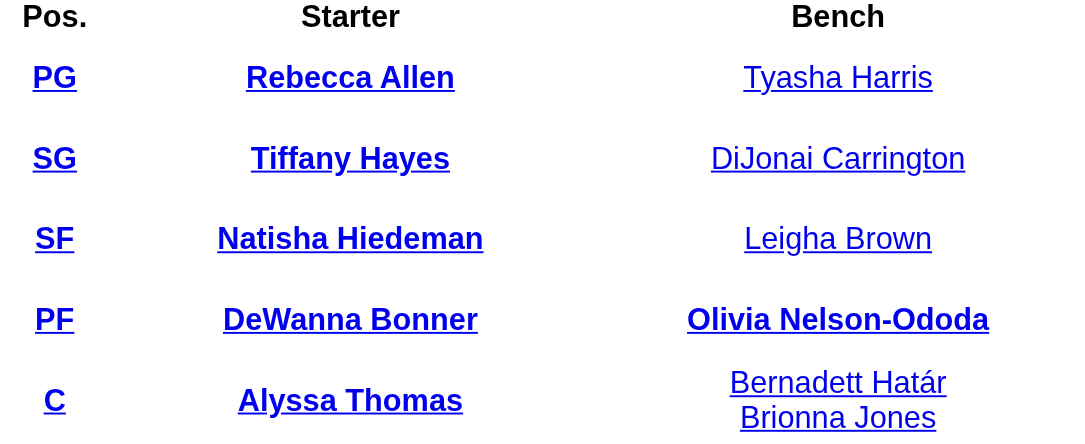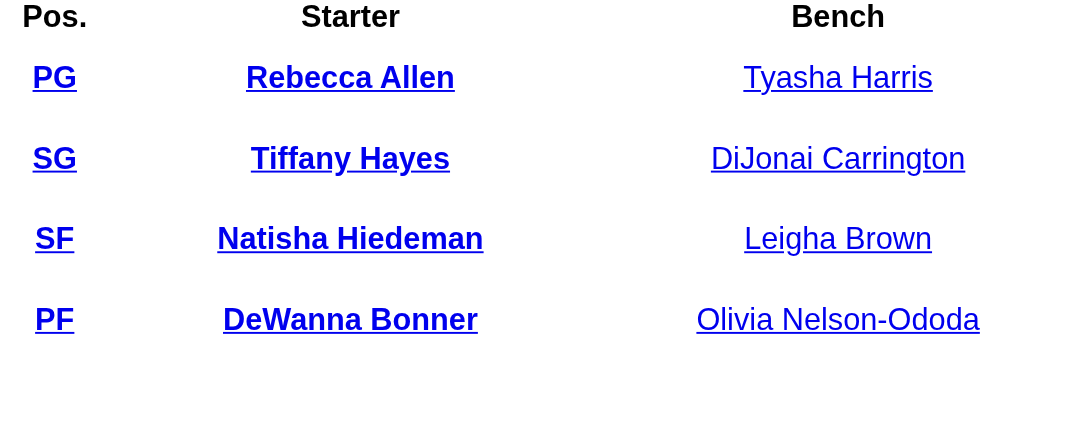 <table style="text-align:center; ">
 <tr>
 <th width="50">Pos.</th>
 <th width="250">Starter</th>
 <th width="250">Bench</th>
 </tr>
 <tr style="height:40px; background:white; color:#092C57">
 <th><a href='#'><span>PG</span></a></th>
 <td><strong><a href='#'>Rebecca Allen</a></strong></td>
 <td><a href='#'>Tyasha Harris</a></td>
 </tr>
 <tr style="height:40px; background:white; color:#092C57">
 <th><a href='#'><span>SG</span></a></th>
 <td><strong><a href='#'>Tiffany Hayes</a></strong></td>
 <td><a href='#'>DiJonai Carrington</a></td>
 </tr>
 <tr style="height:40px; background:white; color:#092C57">
 <th><a href='#'><span>SF</span></a></th>
 <td><strong><a href='#'>Natisha Hiedeman</a></strong></td>
 <td><a href='#'>Leigha Brown</a></td>
 </tr>
 <tr style="height:40px; background:white; color:#092C57">
 <th><a href='#'><span>PF</span></a></th>
 <td><strong><a href='#'>DeWanna Bonner</a></strong></td>
-<td><strong><a href='#'>Olivia Nelson-Ododa</a></strong></td>
-</tr>
-<tr style="height:40px; background:white; color:#092C57">
-<th><a href='#'><span>C</span></a></th>
-<td><strong><a href='#'>Alyssa Thomas</a></strong></td>
-<td><a href='#'>Bernadett Határ</a><br><a href='#'>Brionna Jones</a></td>
+<td><a href='#'>Olivia Nelson-Ododa</a></td>
 </tr>
 </table>
